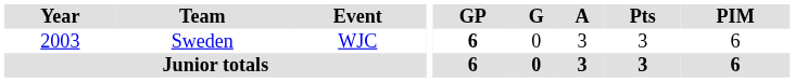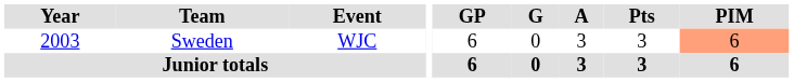 <table border="0" cellpadding="1" cellspacing="0" ID="Table3" style="text-align:center; width:40em">
 <tr ALIGN="center" bgcolor="#e0e0e0">
 <th>Year</th>
 <th>Team</th>
 <th>Event</th>
 <th rowspan="99" bgcolor="#ffffff"></th>
 <th>GP</th>
 <th>G</th>
 <th>A</th>
 <th>Pts</th>
 <th>PIM</th>
 </tr>
 <tr>
 <td><a href='#'>2003</a></td>
 <td><a href='#'>Sweden</a></td>
 <td><a href='#'>WJC</a></td>
-<td><strong>6</strong></td>
+<td>6</td>
 <td>0</td>
 <td>3</td>
 <td>3</td>
-<td>6</td>
+<td style="background: lightsalmon;">6</td>
 </tr>
 <tr bgcolor="#e0e0e0">
 <th colspan="3">Junior totals</th>
 <th>6</th>
 <th>0</th>
 <th>3</th>
 <th>3</th>
 <th>6</th>
 </tr>
 </table>
